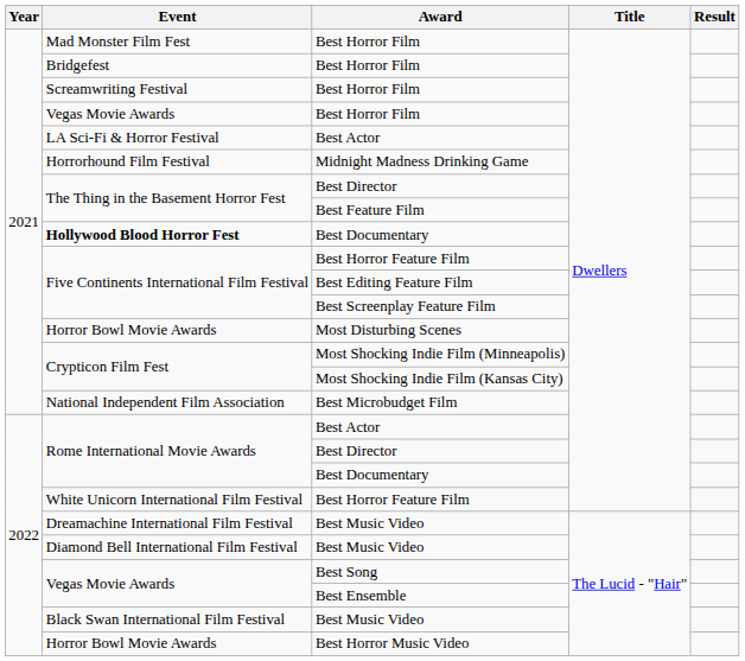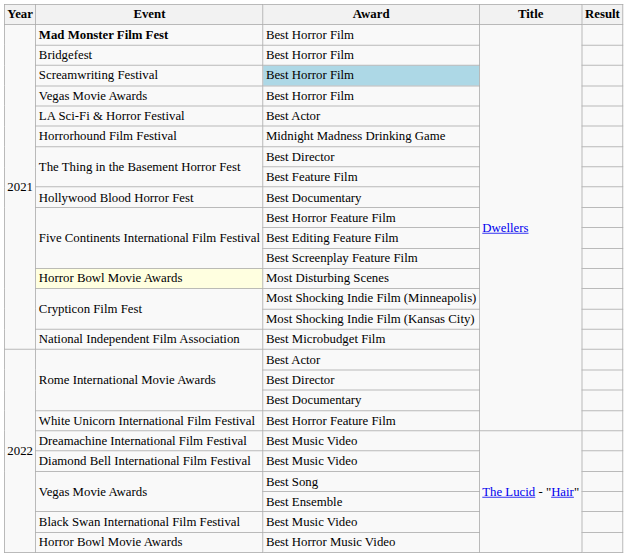 <table class="wikitable sortable">
 <tr>
 <th>Year</th>
 <th>Event</th>
 <th>Award</th>
 <th>Title</th>
 <th>Result</th>
 </tr>
 <tr>
 <td rowspan="16">2021</td>
-<td>Mad Monster Film Fest</td>
+<td><strong>Mad Monster Film Fest</strong></td>
 <td>Best Horror Film</td>
 <td rowspan="20"><a href='#'>Dwellers</a></td>
 <td></td>
 </tr>
 <tr>
 <td>Bridgefest</td>
 <td>Best Horror Film</td>
 <td></td>
 </tr>
 <tr>
 <td>Screamwriting Festival</td>
-<td>Best Horror Film</td>
+<td style="background: lightblue;">Best Horror Film</td>
 <td></td>
 </tr>
 <tr>
 <td>Vegas Movie Awards</td>
 <td>Best Horror Film</td>
 <td></td>
 </tr>
 <tr>
 <td>LA Sci-Fi & Horror Festival</td>
 <td>Best Actor</td>
 <td></td>
 </tr>
 <tr>
 <td>Horrorhound Film Festival</td>
 <td>Midnight Madness Drinking Game</td>
 <td></td>
 </tr>
 <tr>
 <td rowspan="2">The Thing in the Basement Horror Fest</td>
 <td>Best Director</td>
 <td></td>
 </tr>
 <tr>
 <td>Best Feature Film</td>
 <td></td>
 </tr>
 <tr>
-<td><strong>Hollywood Blood Horror Fest</strong></td>
+<td>Hollywood Blood Horror Fest</td>
 <td>Best Documentary</td>
 <td></td>
 </tr>
 <tr>
 <td rowspan="3">Five Continents International Film Festival</td>
 <td>Best Horror Feature Film</td>
 <td></td>
 </tr>
 <tr>
 <td>Best Editing Feature Film</td>
 <td></td>
 </tr>
 <tr>
 <td>Best Screenplay Feature Film</td>
 <td></td>
 </tr>
 <tr>
-<td>Horror Bowl Movie Awards</td>
+<td style="background: lightyellow;">Horror Bowl Movie Awards</td>
 <td>Most Disturbing Scenes</td>
 <td></td>
 </tr>
 <tr>
 <td rowspan="2">Crypticon Film Fest</td>
 <td>Most Shocking Indie Film (Minneapolis)</td>
 <td></td>
 </tr>
 <tr>
 <td>Most Shocking Indie Film (Kansas City)</td>
 <td></td>
 </tr>
 <tr>
 <td>National Independent Film Association</td>
 <td>Best Microbudget Film</td>
 <td></td>
 </tr>
 <tr>
 <td rowspan="10">2022</td>
 <td rowspan="3">Rome International Movie Awards</td>
 <td>Best Actor</td>
 <td></td>
 </tr>
 <tr>
 <td>Best Director</td>
 <td></td>
 </tr>
 <tr>
 <td>Best Documentary</td>
 <td></td>
 </tr>
 <tr>
 <td>White Unicorn International Film Festival</td>
 <td>Best Horror Feature Film</td>
 <td></td>
 </tr>
 <tr>
 <td>Dreamachine International Film Festival</td>
 <td>Best Music Video</td>
 <td rowspan="6"><a href='#'>The Lucid</a> - "<a href='#'>Hair</a>"</td>
 <td></td>
 </tr>
 <tr>
 <td>Diamond Bell International Film Festival</td>
 <td>Best Music Video</td>
 <td></td>
 </tr>
 <tr>
 <td rowspan="2">Vegas Movie Awards</td>
 <td>Best Song</td>
 <td></td>
 </tr>
 <tr>
 <td>Best Ensemble</td>
 <td></td>
 </tr>
 <tr>
 <td>Black Swan International Film Festival</td>
 <td>Best Music Video</td>
 <td></td>
 </tr>
 <tr>
 <td>Horror Bowl Movie Awards</td>
 <td>Best Horror Music Video</td>
 <td></td>
 </tr>
 </table>
